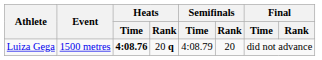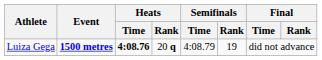 <table class=wikitable style="font-size:90%;">
 <tr>
 <th rowspan=2>Athlete</th>
 <th rowspan=2>Event</th>
 <th colspan=2>Heats</th>
 <th colspan=2>Semifinals</th>
 <th colspan=2>Final</th>
 </tr>
 <tr>
 <th>Time</th>
 <th>Rank</th>
 <th>Time</th>
 <th>Rank</th>
 <th>Time</th>
 <th>Rank</th>
 </tr>
 <tr>
 <td><a href='#'>Luiza Gega</a></td>
-<td><a href='#'>1500 metres</a></td>
+<td><strong><a href='#'>1500 metres</a></strong></td>
 <td align="center"><strong>4:08.76</strong></td>
 <td align="center">20 <strong>q</strong></td>
 <td align="center">4:08.79</td>
-<td align="center">20</td>
+<td align="center">19</td>
 <td colspan=2>did not advance</td>
 </tr>
 </table>
